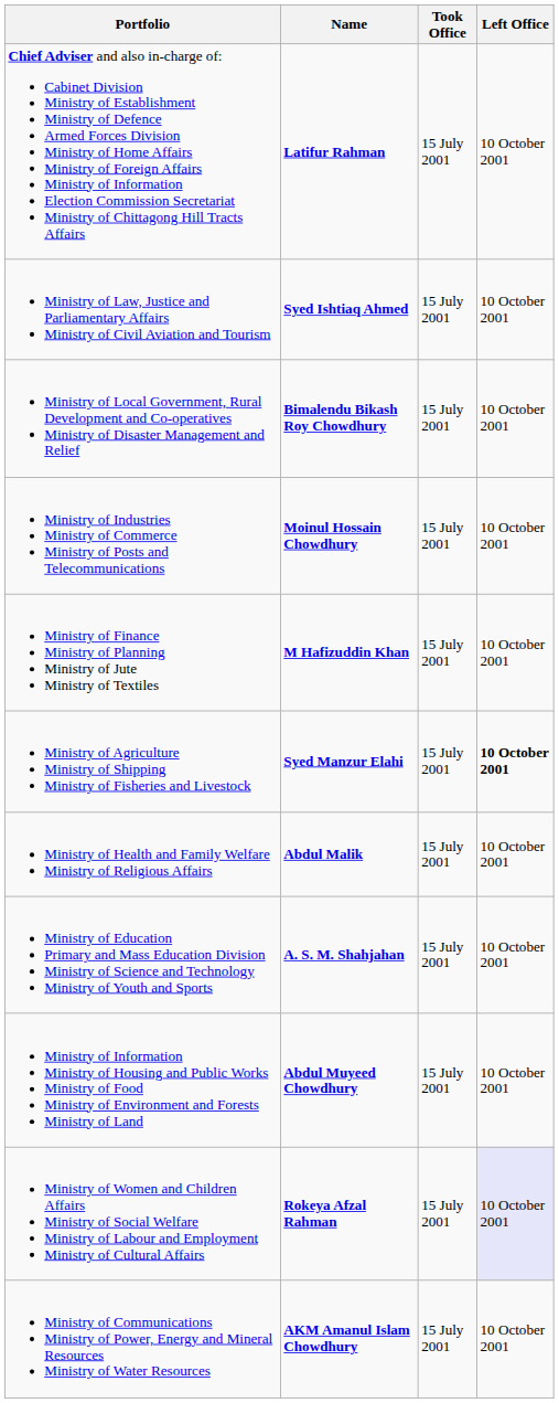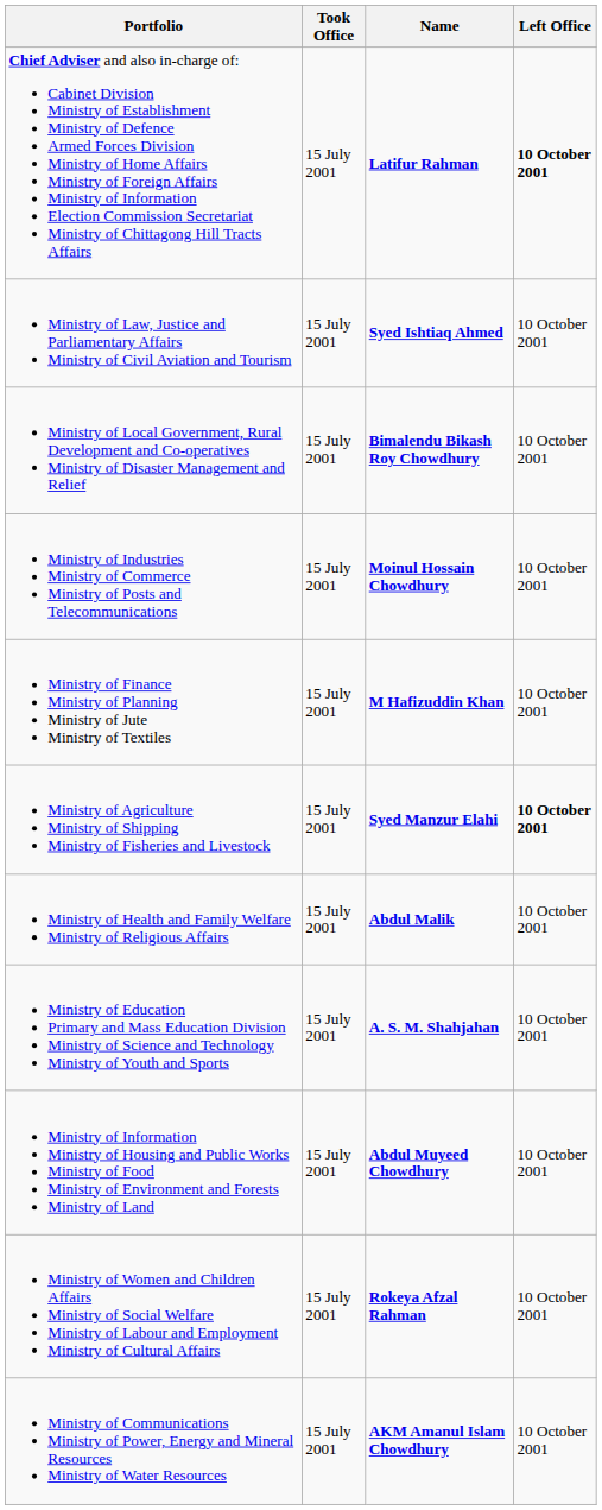 <table class="wikitable">
 <tr>
 <th>Portfolio</th>
+<th>Took Office</th>
 <th>Name</th>
-<th>Took Office</th>
 <th>Left Office</th>
 </tr>
 <tr>
 <td><a href='#'><strong>Chief Adviser</strong></a> and also in-charge of:<br><ul><li><a href='#'>Cabinet Division</a></li><li><a href='#'>Ministry of Establishment</a></li><li><a href='#'>Ministry of Defence</a></li><li><a href='#'>Armed Forces Division</a></li><li><a href='#'>Ministry of Home Affairs</a></li><li><a href='#'>Ministry of Foreign Affairs</a></li><li><a href='#'>Ministry of Information</a></li><li><a href='#'>Election Commission Secretariat</a></li><li><a href='#'>Ministry of Chittagong Hill Tracts Affairs</a></li></ul></td>
+<td>15 July 2001</td>
 <td><strong><a href='#'>Latifur Rahman</a></strong></td>
-<td>15 July 2001</td>
-<td>10 October 2001</td>
+<td><strong>10 October 2001</strong></td>
 </tr>
 <tr>
 <td><br><ul><li><a href='#'>Ministry of Law, Justice and Parliamentary Affairs</a></li><li><a href='#'>Ministry of Civil Aviation and Tourism</a></li></ul></td>
+<td>15 July 2001</td>
 <td><strong><a href='#'>Syed Ishtiaq Ahmed</a></strong></td>
-<td>15 July 2001</td>
 <td>10 October 2001</td>
 </tr>
 <tr>
 <td><br><ul><li><a href='#'>Ministry of Local Government, Rural Development and Co-operatives</a></li><li><a href='#'>Ministry of Disaster Management and Relief</a></li></ul></td>
+<td>15 July 2001</td>
 <td><strong><a href='#'>Bimalendu Bikash Roy Chowdhury</a></strong></td>
-<td>15 July 2001</td>
 <td>10 October 2001</td>
 </tr>
 <tr>
 <td><br><ul><li><a href='#'>Ministry of Industries</a></li><li><a href='#'>Ministry of Commerce</a></li><li><a href='#'>Ministry of Posts and Telecommunications</a></li></ul></td>
+<td>15 July 2001</td>
 <td><strong><a href='#'>Moinul Hossain Chowdhury</a></strong></td>
-<td>15 July 2001</td>
 <td>10 October 2001</td>
 </tr>
 <tr>
 <td><br><ul><li><a href='#'>Ministry of Finance</a></li><li><a href='#'>Ministry of Planning</a></li><li>Ministry of Jute</li><li>Ministry of Textiles</li></ul></td>
+<td>15 July 2001</td>
 <td><strong><a href='#'>M Hafizuddin Khan</a></strong></td>
-<td>15 July 2001</td>
 <td>10 October 2001</td>
 </tr>
 <tr>
 <td><br><ul><li><a href='#'>Ministry of Agriculture</a></li><li><a href='#'>Ministry of Shipping</a></li><li><a href='#'>Ministry of Fisheries and Livestock</a></li></ul></td>
+<td>15 July 2001</td>
 <td><strong><a href='#'>Syed Manzur Elahi</a></strong></td>
-<td>15 July 2001</td>
 <td><strong>10 October 2001</strong></td>
 </tr>
 <tr>
 <td><br><ul><li><a href='#'>Ministry of Health and Family Welfare</a></li><li><a href='#'>Ministry of Religious Affairs</a></li></ul></td>
+<td>15 July 2001</td>
 <td><a href='#'><strong>Abdul Malik</strong></a></td>
-<td>15 July 2001</td>
 <td>10 October 2001</td>
 </tr>
 <tr>
 <td><br><ul><li><a href='#'>Ministry of Education</a></li><li><a href='#'>Primary and Mass Education Division</a></li><li><a href='#'>Ministry of Science and Technology</a></li><li><a href='#'>Ministry of Youth and Sports</a></li></ul></td>
+<td>15 July 2001</td>
 <td><strong><a href='#'>A. S. M. Shahjahan</a></strong></td>
-<td>15 July 2001</td>
 <td>10 October 2001</td>
 </tr>
 <tr>
 <td><br><ul><li><a href='#'>Ministry of Information</a></li><li><a href='#'>Ministry of Housing and Public Works</a></li><li><a href='#'>Ministry of Food</a></li><li><a href='#'>Ministry of Environment and Forests</a></li><li><a href='#'>Ministry of Land</a></li></ul></td>
+<td>15 July 2001</td>
 <td><strong><a href='#'>Abdul Muyeed Chowdhury</a></strong></td>
-<td>15 July 2001</td>
 <td>10 October 2001</td>
 </tr>
 <tr>
 <td><br><ul><li><a href='#'>Ministry of Women and Children Affairs</a></li><li><a href='#'>Ministry of Social Welfare</a></li><li><a href='#'>Ministry of Labour and Employment</a></li><li><a href='#'>Ministry of Cultural Affairs</a></li></ul></td>
+<td>15 July 2001</td>
 <td><strong><a href='#'>Rokeya Afzal Rahman</a></strong></td>
-<td>15 July 2001</td>
-<td style="background: lavender;">10 October 2001</td>
+<td>10 October 2001</td>
 </tr>
 <tr>
 <td><br><ul><li><a href='#'>Ministry of Communications</a></li><li><a href='#'>Ministry of Power, Energy and Mineral Resources</a></li><li><a href='#'>Ministry of Water Resources</a></li></ul></td>
+<td>15 July 2001</td>
 <td><strong><a href='#'>AKM Amanul Islam Chowdhury</a></strong></td>
-<td>15 July 2001</td>
 <td>10 October 2001</td>
 </tr>
 </table>
